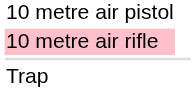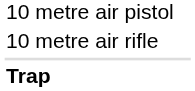 <table>
 <tr>
 <td>10 metre air pistol<br></td>
 <td></td>
 <td></td>
 <td></td>
 </tr>
 <tr>
-<td style="background: pink;">10 metre air rifle<br></td>
+<td>10 metre air rifle<br></td>
 <td></td>
 <td></td>
 <td></td>
 </tr>
 <tr bgcolor=#DDDDDD>
 <td colspan=7></td>
 </tr>
 <tr>
-<td>Trap<br></td>
+<td><strong>Trap<br></strong></td>
 <td></td>
 <td></td>
 <td></td>
 </tr>
 </table>
